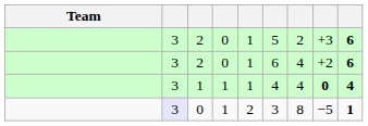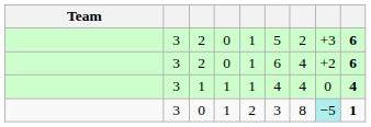 <table class="wikitable" style="text-align:center">
 <tr>
 <th width=165>Team</th>
 <th width=20></th>
 <th width=20></th>
 <th width=20></th>
 <th width=20></th>
 <th width=20></th>
 <th width=20></th>
 <th width=20></th>
 <th width=20></th>
 </tr>
 <tr style="background:#cfc;">
 <td align=left></td>
 <td>3</td>
 <td>2</td>
 <td>0</td>
 <td>1</td>
 <td>5</td>
 <td>2</td>
 <td>+3</td>
 <td><strong>6</strong></td>
 </tr>
 <tr style="background:#cfc;">
 <td align=left></td>
 <td>3</td>
 <td>2</td>
 <td>0</td>
 <td>1</td>
 <td>6</td>
 <td>4</td>
 <td>+2</td>
 <td><strong>6</strong></td>
 </tr>
 <tr style="background:#cfc;">
 <td align=left></td>
 <td>3</td>
 <td>1</td>
 <td>1</td>
 <td>1</td>
 <td>4</td>
 <td>4</td>
-<td><strong>0</strong></td>
+<td>0</td>
 <td><strong>4</strong></td>
 </tr>
 <tr>
 <td align=left></td>
-<td style="background: lavender;">3</td>
+<td>3</td>
 <td>0</td>
 <td>1</td>
 <td>2</td>
 <td>3</td>
 <td>8</td>
-<td>−5</td>
+<td style="background: paleturquoise;">−5</td>
 <td><strong>1</strong></td>
 </tr>
 </table>
